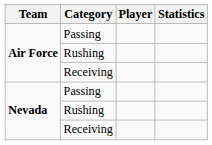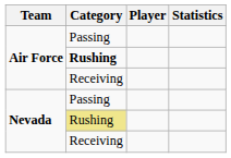 <table class="wikitable" style="float: right;">
 <tr>
 <th>Team</th>
 <th>Category</th>
 <th>Player</th>
 <th>Statistics</th>
 </tr>
 <tr>
 <td rowspan=3><strong>Air Force</strong></td>
 <td>Passing</td>
 <td></td>
 <td></td>
 </tr>
 <tr>
-<td>Rushing</td>
+<td><strong>Rushing</strong></td>
 <td></td>
 <td></td>
 </tr>
 <tr>
 <td>Receiving</td>
 <td></td>
 <td></td>
 </tr>
 <tr>
 <td rowspan=3><strong>Nevada</strong></td>
 <td>Passing</td>
 <td></td>
 <td></td>
 </tr>
 <tr>
-<td>Rushing</td>
+<td style="background: khaki;">Rushing</td>
 <td></td>
 <td></td>
 </tr>
 <tr>
 <td>Receiving</td>
 <td></td>
 <td></td>
 </tr>
 </table>
